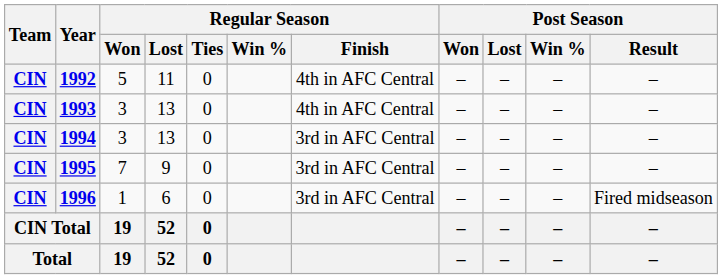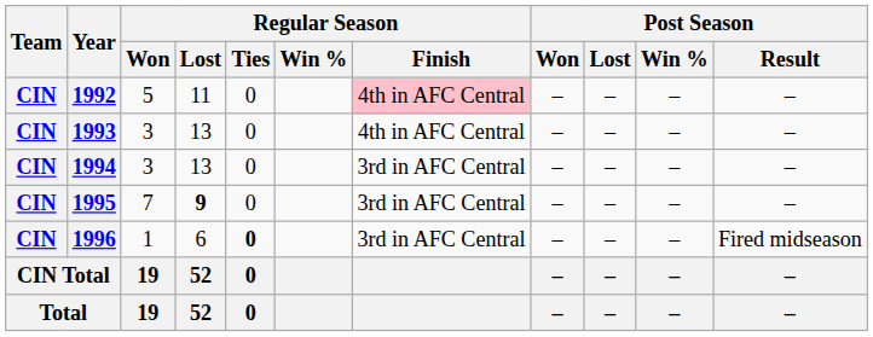 <table class="wikitable" style="font-size: 95%; text-align:center;">
 <tr>
 <th rowspan="2">Team</th>
 <th rowspan="2">Year</th>
 <th colspan="5">Regular Season</th>
 <th colspan="4">Post Season</th>
 </tr>
 <tr>
 <th>Won</th>
 <th>Lost</th>
 <th>Ties</th>
 <th>Win %</th>
 <th>Finish</th>
 <th>Won</th>
 <th>Lost</th>
 <th>Win %</th>
 <th>Result</th>
 </tr>
 <tr>
 <th><a href='#'>CIN</a></th>
 <th><a href='#'>1992</a></th>
 <td>5</td>
 <td>11</td>
 <td>0</td>
 <td></td>
-<td>4th in AFC Central</td>
+<td style="background: pink;">4th in AFC Central</td>
 <td>–</td>
 <td>–</td>
 <td>–</td>
 <td>–</td>
 </tr>
 <tr>
 <th><a href='#'>CIN</a></th>
 <th><a href='#'>1993</a></th>
 <td>3</td>
 <td>13</td>
 <td>0</td>
 <td></td>
 <td>4th in AFC Central</td>
 <td>–</td>
 <td>–</td>
 <td>–</td>
 <td>–</td>
 </tr>
 <tr>
 <th><a href='#'>CIN</a></th>
 <th><a href='#'>1994</a></th>
 <td>3</td>
 <td>13</td>
 <td>0</td>
 <td></td>
 <td>3rd in AFC Central</td>
 <td>–</td>
 <td>–</td>
 <td>–</td>
 <td>–</td>
 </tr>
 <tr>
 <th><a href='#'>CIN</a></th>
 <th><a href='#'>1995</a></th>
 <td>7</td>
-<td>9</td>
+<td><strong>9</strong></td>
 <td>0</td>
 <td></td>
 <td>3rd in AFC Central</td>
 <td>–</td>
 <td>–</td>
 <td>–</td>
 <td>–</td>
 </tr>
 <tr>
 <th><a href='#'>CIN</a></th>
 <th><a href='#'>1996</a></th>
 <td>1</td>
 <td>6</td>
-<td>0</td>
+<td><strong>0</strong></td>
 <td></td>
 <td>3rd in AFC Central</td>
 <td>–</td>
 <td>–</td>
 <td>–</td>
 <td>Fired midseason</td>
 </tr>
 <tr>
 <th colspan="2">CIN Total</th>
 <th>19</th>
 <th>52</th>
 <th>0</th>
 <th></th>
 <th></th>
 <th>–</th>
 <th>–</th>
 <th>–</th>
 <th>–</th>
 </tr>
 <tr>
 <th colspan="2">Total</th>
 <th>19</th>
 <th>52</th>
 <th>0</th>
 <th></th>
 <th></th>
 <th>–</th>
 <th>–</th>
 <th>–</th>
 <th>–</th>
 </tr>
 </table>
